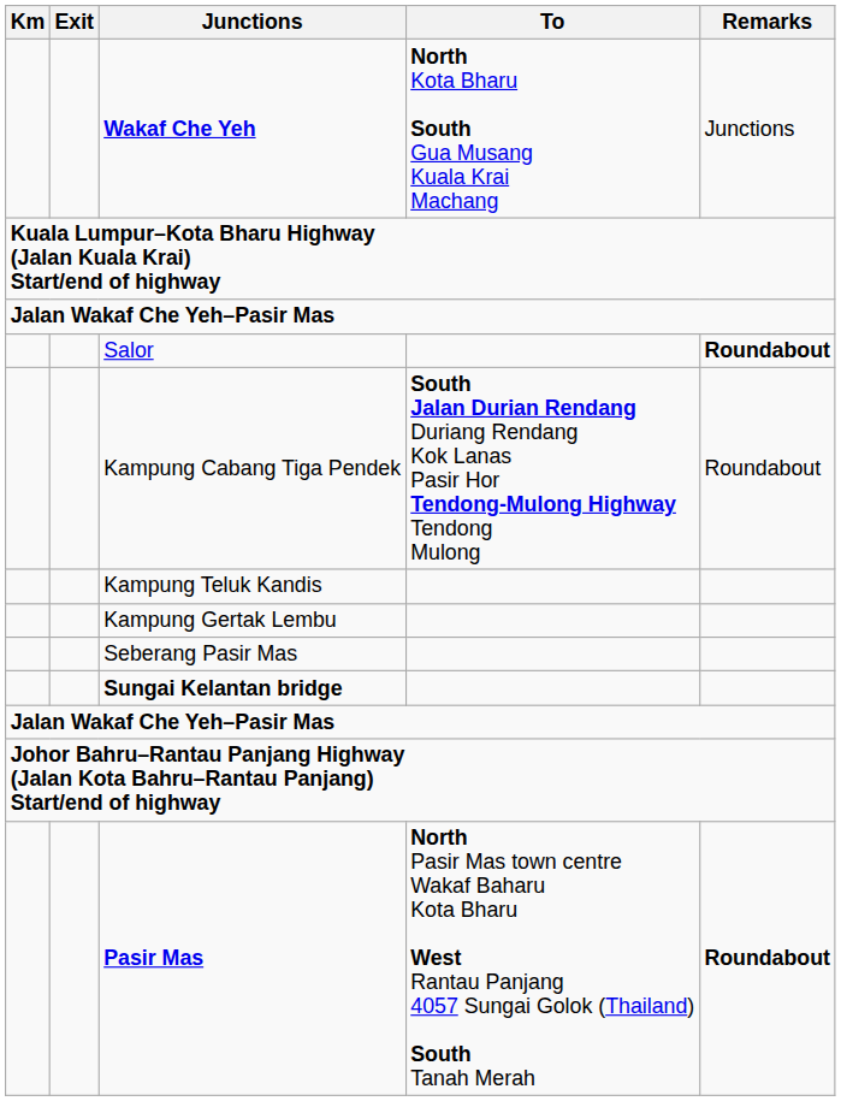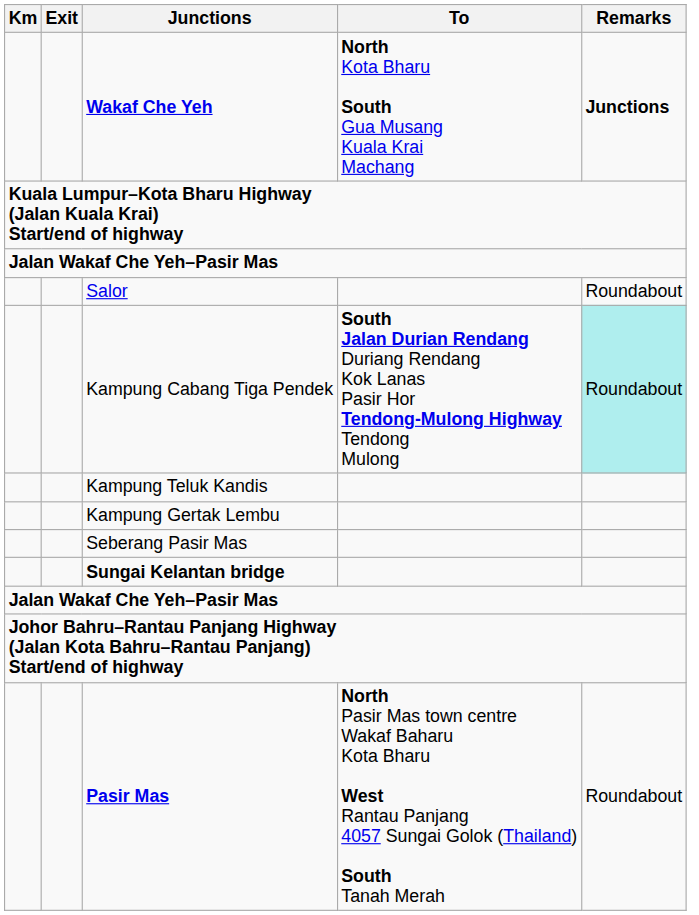 <table class="wikitable">
 <tr>
 <th>Km</th>
 <th>Exit</th>
 <th>Junctions</th>
 <th>To</th>
 <th>Remarks</th>
 </tr>
 <tr>
 <td></td>
 <td></td>
 <td><strong><a href='#'>Wakaf Che Yeh</a></strong></td>
 <td><strong>North</strong><br> <a href='#'>Kota Bharu</a><br><br><strong>South</strong><br> <a href='#'>Gua Musang</a><br> <a href='#'>Kuala Krai</a><br> <a href='#'>Machang</a></td>
-<td>Junctions</td>
+<td><strong>Junctions</strong></td>
 </tr>
 <tr>
 <td style="width:600px" colspan="6" style="text-align:center; background:blue;"><strong><span> Kuala Lumpur–Kota Bharu Highway<br>(Jalan Kuala Krai)<br>Start/end of highway</span></strong></td>
 </tr>
 <tr>
 <td style="width:600px" colspan="6" style="text-align:center; background:blue;"><strong><span>Jalan Wakaf Che Yeh–Pasir Mas</span></strong></td>
 </tr>
 <tr>
 <td></td>
 <td></td>
 <td><a href='#'>Salor</a></td>
 <td></td>
-<td><strong>Roundabout</strong></td>
+<td>Roundabout</td>
 </tr>
 <tr>
 <td></td>
 <td></td>
 <td>Kampung Cabang Tiga Pendek</td>
 <td><strong>South</strong><br> <strong><a href='#'>Jalan Durian Rendang</a></strong><br> Duriang Rendang<br> Kok Lanas<br> Pasir Hor<br> <strong><a href='#'>Tendong-Mulong Highway</a></strong><br>Tendong<br>Mulong</td>
-<td>Roundabout</td>
+<td style="background: paleturquoise;">Roundabout</td>
 </tr>
 <tr>
 <td></td>
 <td></td>
 <td>Kampung Teluk Kandis</td>
 <td></td>
 <td></td>
 </tr>
 <tr>
 <td></td>
 <td></td>
 <td>Kampung Gertak Lembu</td>
 <td></td>
 <td></td>
 </tr>
 <tr>
 <td></td>
 <td></td>
 <td>Seberang Pasir Mas</td>
 <td></td>
 <td></td>
 </tr>
 <tr>
 <td></td>
 <td></td>
 <td><strong>Sungai Kelantan bridge</strong></td>
 <td></td>
 <td></td>
 </tr>
 <tr>
 <td style="width:600px" colspan="6" style="text-align:center; background:blue;"><strong><span>Jalan Wakaf Che Yeh–Pasir Mas</span></strong></td>
 </tr>
 <tr>
 <td style="width:600px" colspan="6" style="text-align:center; background:blue;"><strong><span>Johor Bahru–Rantau Panjang Highway<br>(Jalan Kota Bahru–Rantau Panjang)<br>Start/end of highway</span></strong></td>
 </tr>
 <tr>
 <td></td>
 <td></td>
 <td><strong><a href='#'>Pasir Mas</a></strong></td>
 <td><strong>North</strong><br>  Pasir Mas town centre<br>  Wakaf Baharu<br>  Kota Bharu<br><br><strong>West</strong><br>  Rantau Panjang<br><a href='#'>4057</a>  Sungai Golok (<a href='#'>Thailand</a>)<br><br><strong>South</strong><br> Tanah Merah</td>
-<td><strong>Roundabout</strong></td>
+<td>Roundabout</td>
 </tr>
 </table>
